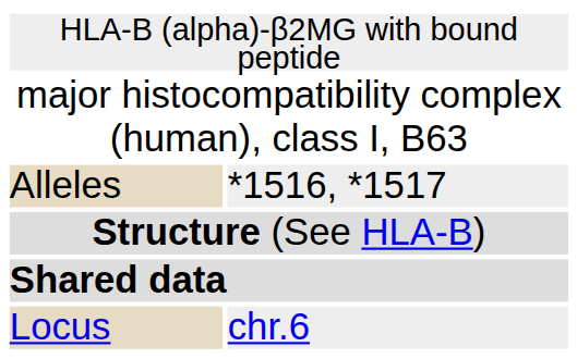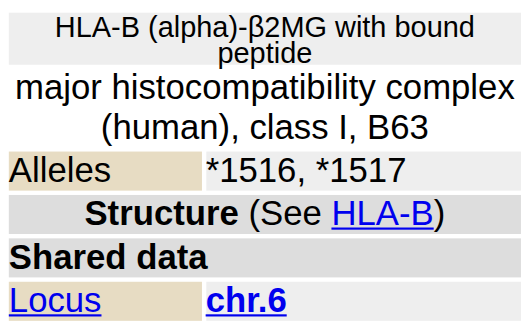 <table id="drugInfoBox" style="float: right; clear: right; margin: 0 0 0.5em 1em; background: #ffffff;" class="toccolours" border=0 cellpadding=0 align="right" width="240px">
 <tr align="center">
 <td colspan="3"></td>
 </tr>
 <tr style="text-align: center; line-height: 0.75;background:#eeeeee">
 <td colspan="3" color="white"><small>HLA-B (alpha)-β2MG with bound peptide</small></td>
 </tr>
 <tr>
 <td align="center" colspan="3"><div>major histocompatibility complex (human), class I, B63</div></td>
 </tr>
 <tr>
 <td bgcolor="#e7dcc3">Alleles</td>
 <td colspan = 2  bgcolor="#eeeeee">*1516, *1517</td>
 </tr>
 <tr align="center">
 <td colspan="3" bgcolor="#dddddd"><strong>Structure</strong> (See <a href='#'>HLA-B</a>)</td>
 </tr>
 <tr>
 <td colspan="2" bgcolor="#dddddd"><strong>Shared data</strong></td>
 </tr>
 <tr>
 <td bgcolor="#e7dcc3"><a href='#'>Locus</a></td>
-<td bgcolor="#eeeeee"><a href='#'>chr.6</a> <em></em></td>
+<td bgcolor="#eeeeee"><strong><a href='#'>chr.6</a> <em></em></strong></td>
 </tr>
 </table>
